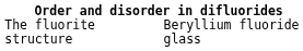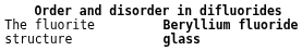 <table style="margin:1em 0 1em 2em; text-align:left; width:320px; float:right;" cellpadding="0" cellspacing="0">
 <tr>
 <td colspan="2" style="text-align:center;"><strong>Order and disorder in difluorides</strong></td>
 </tr>
 <tr>
 <td style="width:155px; padding-right:5px;"></td>
 <td style="width:155px; padding-left:5px;"></td>
 </tr>
 <tr style="vertical-align:top;">
 <td style="width:155px; padding-right:5px; ">The fluorite structure</td>
-<td style="width:155px; padding-left:5px; ">Beryllium fluoride glass</td>
+<td style="width:155px; padding-left:5px; "><strong>Beryllium fluoride glass</strong></td>
 </tr>
 </table>
